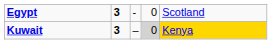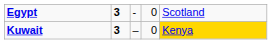 <table class="wikitable">
 <tr>
 <td width=150> <strong><a href='#'>Egypt</a></strong></td>
 <td style="width:20px; text-align:left;"><strong>3</strong></td>
 <td>-</td>
 <td style="width:20px; text-align:right;">0</td>
 <td width=150> <a href='#'>Scotland</a></td>
 </tr>
 <tr>
 <td> <strong><a href='#'>Kuwait</a></strong></td>
 <td style="text-align:left;"><strong>3</strong></td>
 <td>–</td>
-<td style="background: lightgrey; text-align:right;">0</td>
+<td style="text-align:right;">0</td>
 <td style="background: gold;"> <a href='#'>Kenya</a></td>
 </tr>
 </table>
